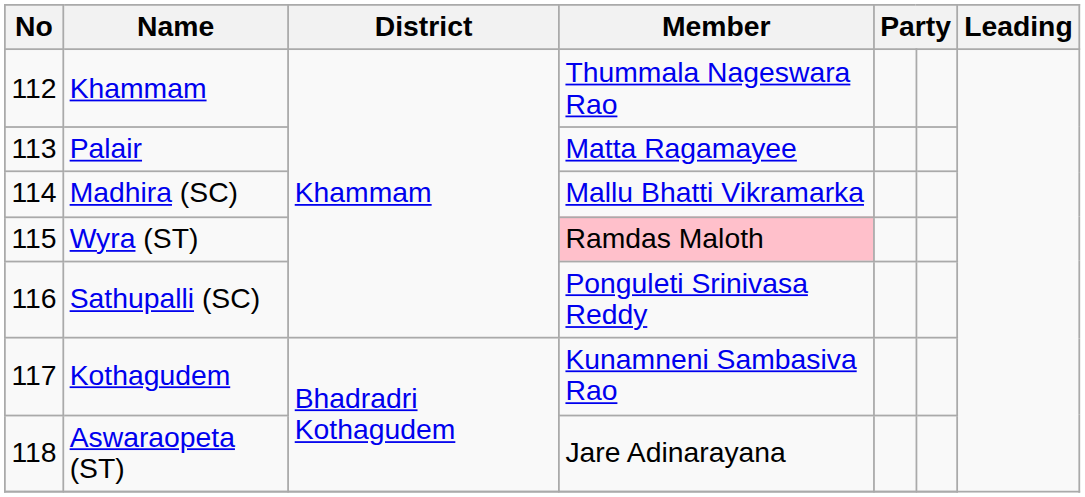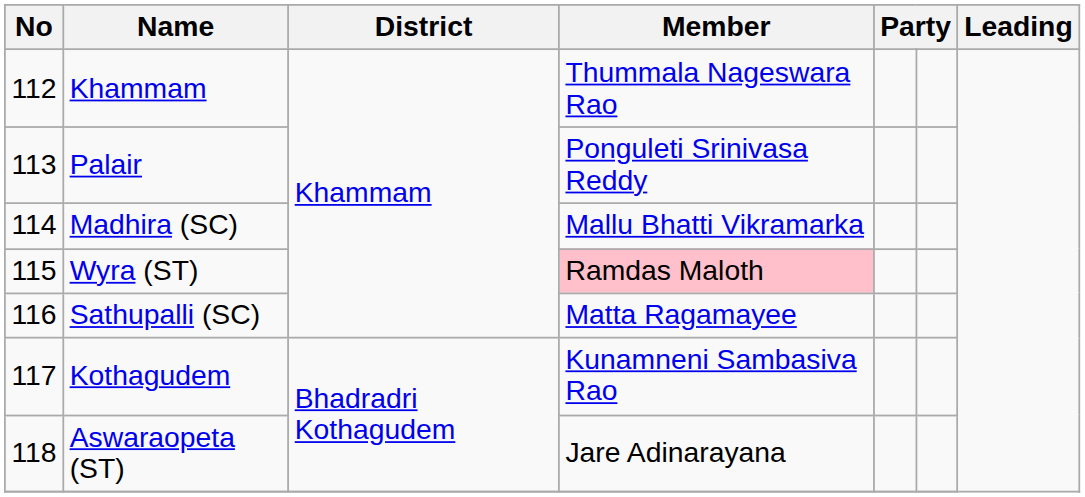 <table class="wikitable sortable">
 <tr>
 <th>No</th>
 <th>Name</th>
 <th>District</th>
 <th>Member</th>
 <th colspan=2>Party</th>
 <th colspan=2>Leading<br></th>
 </tr>
 <tr>
 <td>112</td>
 <td><a href='#'>Khammam</a></td>
 <td rowspan="5"><a href='#'>Khammam</a></td>
 <td><a href='#'>Thummala Nageswara Rao</a></td>
 <td></td>
 <td></td>
 </tr>
 <tr>
 <td>113</td>
 <td><a href='#'>Palair</a></td>
-<td><a href='#'>Matta Ragamayee</a></td>
+<td><a href='#'>Ponguleti Srinivasa Reddy</a></td>
 <td></td>
 <td></td>
 </tr>
 <tr>
 <td>114</td>
 <td><a href='#'>Madhira</a> (SC)</td>
 <td><a href='#'>Mallu Bhatti Vikramarka</a></td>
 <td></td>
 <td></td>
 </tr>
 <tr>
 <td>115</td>
 <td><a href='#'>Wyra</a> (ST)</td>
 <td style="background: pink;">Ramdas Maloth</td>
 <td></td>
 <td></td>
 </tr>
 <tr>
 <td>116</td>
 <td><a href='#'>Sathupalli</a> (SC)</td>
-<td><a href='#'>Ponguleti Srinivasa Reddy</a></td>
+<td><a href='#'>Matta Ragamayee</a></td>
 <td></td>
 <td></td>
 </tr>
 <tr>
 <td>117</td>
 <td><a href='#'>Kothagudem</a></td>
 <td rowspan="2"><a href='#'>Bhadradri Kothagudem</a></td>
 <td><a href='#'>Kunamneni Sambasiva Rao</a></td>
 <td></td>
 <td></td>
 </tr>
 <tr>
 <td>118</td>
 <td><a href='#'>Aswaraopeta</a> (ST)</td>
 <td>Jare Adinarayana</td>
 <td></td>
 <td></td>
 </tr>
 <tr>
 </tr>
 </table>
